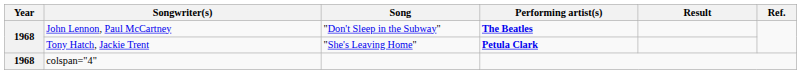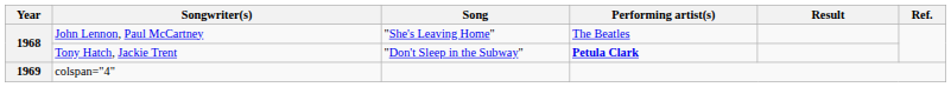 <table class="wikitable sortable" style="width:98%">
 <tr>
 <th scope="col" width="5%">Year</th>
 <th scope="col" width="35%">Songwriter(s)</th>
 <th scope="col" width="20%">Song</th>
 <th scope="col" width="20%">Performing artist(s)</th>
 <th scope="col" width="15%">Result</th>
 <th scope="col" class="unsortable" width="5%">Ref.</th>
 </tr>
 <tr>
 <th scope="row" rowspan="2">1968</th>
 <td><a href='#'>John Lennon</a>, <a href='#'>Paul McCartney</a></td>
-<td>"<a href='#'>Don't Sleep in the Subway</a>"</td>
-<td><strong><a href='#'>The Beatles</a></strong></td>
+<td>"<a href='#'>She's Leaving Home</a>"</td>
+<td><a href='#'>The Beatles</a></td>
 <td></td>
 <td align="center" rowspan="2"></td>
 </tr>
 <tr>
 <td><a href='#'>Tony Hatch</a>, <a href='#'>Jackie Trent</a></td>
-<td>"<a href='#'>She's Leaving Home</a>"</td>
+<td>"<a href='#'>Don't Sleep in the Subway</a>"</td>
 <td><strong><a href='#'>Petula Clark</a></strong></td>
 <td></td>
 </tr>
 <tr>
-<th scope="row">1968</th>
+<th scope="row">1969</th>
 <td>colspan="4" </td>
 <td align="center"></td>
 </tr>
 </table>
